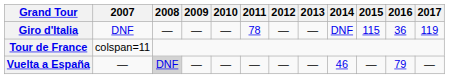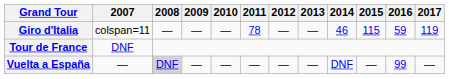 <table class="wikitable plainrowheaders">
 <tr>
 <th scope="col"><a href='#'>Grand Tour</a></th>
 <th scope="col">2007</th>
 <th scope="col">2008</th>
 <th scope="col">2009</th>
 <th scope="col">2010</th>
 <th scope="col">2011</th>
 <th scope="col">2012</th>
 <th scope="col">2013</th>
 <th scope="col">2014</th>
 <th scope="col">2015</th>
 <th scope="col">2016</th>
 <th scope="col">2017</th>
 </tr>
 <tr style="text-align:center;">
 <th scope="row"> <a href='#'>Giro d'Italia</a></th>
-<td><a href='#'>DNF</a></td>
+<td>colspan=11 </td>
 <td>—</td>
 <td>—</td>
 <td>—</td>
 <td><a href='#'>78</a></td>
 <td>—</td>
 <td>—</td>
-<td><a href='#'>DNF</a></td>
+<td><a href='#'>46</a></td>
 <td><a href='#'>115</a></td>
-<td><a href='#'>36</a></td>
+<td><a href='#'>59</a></td>
 <td><a href='#'>119</a></td>
 </tr>
 <tr style="text-align:center;">
 <th scope="row"> <a href='#'>Tour de France</a></th>
-<td>colspan=11 </td>
+<td><a href='#'>DNF</a></td>
 </tr>
 <tr style="text-align:center;">
 <th scope="row"> <a href='#'>Vuelta a España</a></th>
 <td>—</td>
 <td style="background: lightgrey;"><a href='#'>DNF</a></td>
 <td>—</td>
 <td>—</td>
 <td>—</td>
 <td>—</td>
 <td>—</td>
-<td><a href='#'>46</a></td>
+<td><a href='#'>DNF</a></td>
 <td>—</td>
-<td><a href='#'>79</a></td>
+<td><a href='#'>99</a></td>
 <td>—</td>
 </tr>
 </table>
